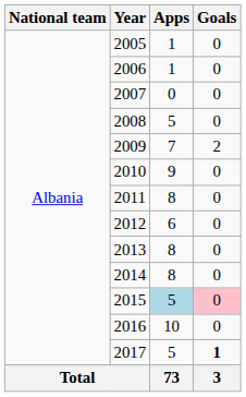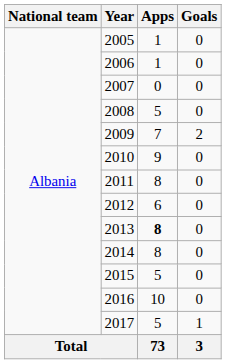 <table class=wikitable style="text-align: center;">
 <tr>
 <th>National team</th>
 <th>Year</th>
 <th>Apps</th>
 <th>Goals</th>
 </tr>
 <tr>
 <td rowspan="13"><a href='#'>Albania</a></td>
 <td>2005</td>
 <td>1</td>
 <td>0</td>
 </tr>
 <tr>
 <td>2006</td>
 <td>1</td>
 <td>0</td>
 </tr>
 <tr>
 <td>2007</td>
 <td>0</td>
 <td>0</td>
 </tr>
 <tr>
 <td>2008</td>
 <td>5</td>
 <td>0</td>
 </tr>
 <tr>
 <td>2009</td>
 <td>7</td>
 <td>2</td>
 </tr>
 <tr>
 <td>2010</td>
 <td>9</td>
 <td>0</td>
 </tr>
 <tr>
 <td>2011</td>
 <td>8</td>
 <td>0</td>
 </tr>
 <tr>
 <td>2012</td>
 <td>6</td>
 <td>0</td>
 </tr>
 <tr>
 <td>2013</td>
-<td>8</td>
+<td><strong>8</strong></td>
 <td>0</td>
 </tr>
 <tr>
 <td>2014</td>
 <td>8</td>
 <td>0</td>
 </tr>
 <tr>
 <td>2015</td>
-<td style="background: lightblue;">5</td>
-<td style="background: pink;">0</td>
+<td>5</td>
+<td>0</td>
 </tr>
 <tr>
 <td>2016</td>
 <td>10</td>
 <td>0</td>
 </tr>
 <tr>
 <td>2017</td>
 <td>5</td>
-<td><strong>1</strong></td>
+<td>1</td>
 </tr>
 <tr>
 <th colspan="2">Total</th>
 <th>73</th>
 <th>3</th>
 </tr>
 </table>
